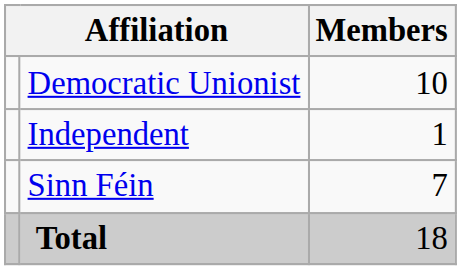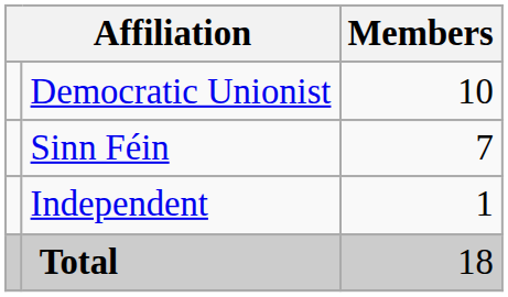 <table class="wikitable">
 <tr>
 <th colspan="2">Affiliation</th>
 <th>Members</th>
 </tr>
 <tr>
 <td></td>
 <td><a href='#'>Democratic Unionist</a></td>
 <td align="right">10</td>
 </tr>
 <tr>
 <td></td>
-<td><a href='#'>Independent</a></td>
-<td align="right">1</td>
+<td><a href='#'>Sinn Féin</a></td>
+<td align="right">7</td>
 </tr>
 <tr>
 <td></td>
-<td><a href='#'>Sinn Féin</a></td>
-<td align="right">7</td>
+<td><a href='#'>Independent</a></td>
+<td align="right">1</td>
 </tr>
 <tr bgcolor="CCCCCC">
 <td></td>
 <td colspan="1" rowspan="1”"> <strong>Total</strong></td>
 <td align="right">18</td>
 </tr>
 <tr>
 </tr>
 </table>
